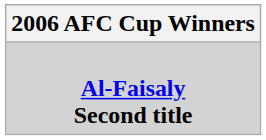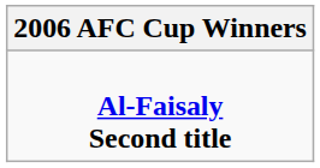 <table class=wikitable style="text-align:center; margin:auto">
 <tr>
 <th>2006 AFC Cup Winners</th>
 </tr>
 <tr>
-<td style="background: lightgrey;"> <br> <strong><a href='#'>Al-Faisaly</a></strong> <br> <strong>Second title</strong></td>
+<td> <br> <strong><a href='#'>Al-Faisaly</a></strong> <br> <strong>Second title</strong></td>
 </tr>
 </table>
